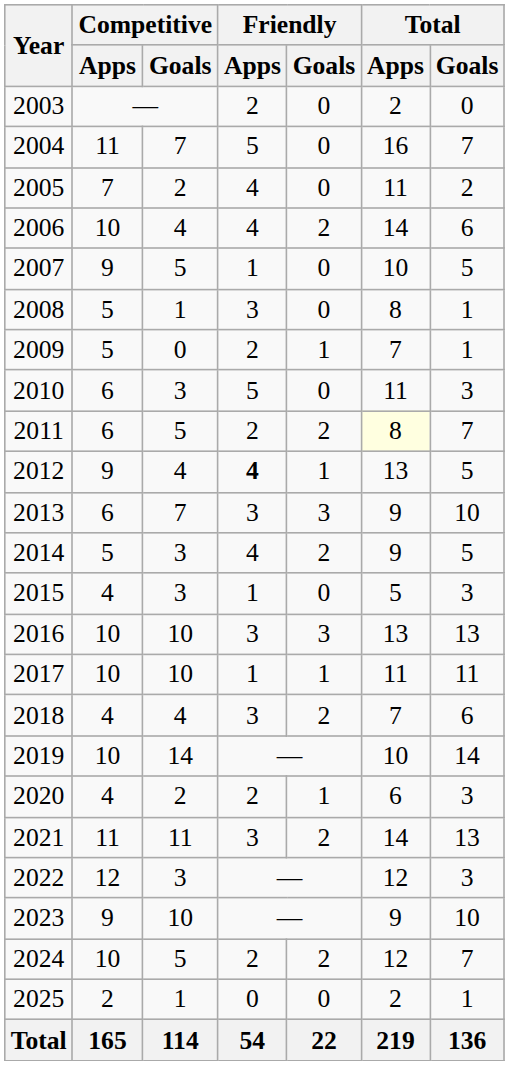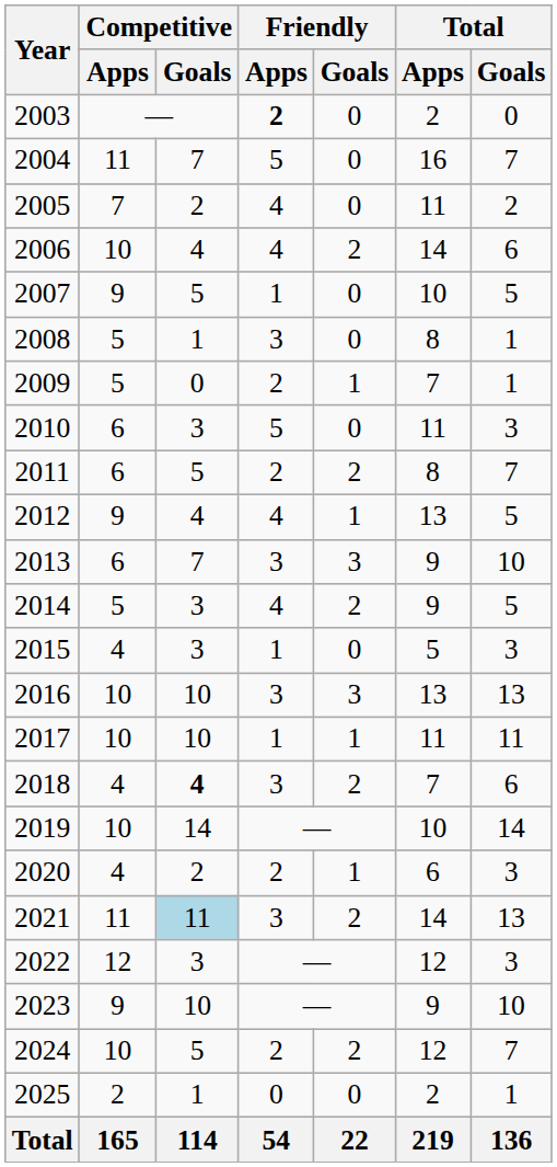 <table class="wikitable" style="text-align:center">
 <tr>
 <th rowspan="2">Year</th>
 <th colspan="2">Competitive</th>
 <th colspan="2">Friendly</th>
 <th colspan="2">Total</th>
 </tr>
 <tr>
 <th>Apps</th>
 <th>Goals</th>
 <th>Apps</th>
 <th>Goals</th>
 <th>Apps</th>
 <th>Goals</th>
 </tr>
 <tr>
 <td>2003</td>
 <td colspan="2">—</td>
-<td>2</td>
+<td><strong>2</strong></td>
 <td>0</td>
 <td>2</td>
 <td>0</td>
 </tr>
 <tr>
 <td>2004</td>
 <td>11</td>
 <td>7</td>
 <td>5</td>
 <td>0</td>
 <td>16</td>
 <td>7</td>
 </tr>
 <tr>
 <td>2005</td>
 <td>7</td>
 <td>2</td>
 <td>4</td>
 <td>0</td>
 <td>11</td>
 <td>2</td>
 </tr>
 <tr>
 <td>2006</td>
 <td>10</td>
 <td>4</td>
 <td>4</td>
 <td>2</td>
 <td>14</td>
 <td>6</td>
 </tr>
 <tr>
 <td>2007</td>
 <td>9</td>
 <td>5</td>
 <td>1</td>
 <td>0</td>
 <td>10</td>
 <td>5</td>
 </tr>
 <tr>
 <td>2008</td>
 <td>5</td>
 <td>1</td>
 <td>3</td>
 <td>0</td>
 <td>8</td>
 <td>1</td>
 </tr>
 <tr>
 <td>2009</td>
 <td>5</td>
 <td>0</td>
 <td>2</td>
 <td>1</td>
 <td>7</td>
 <td>1</td>
 </tr>
 <tr>
 <td>2010</td>
 <td>6</td>
 <td>3</td>
 <td>5</td>
 <td>0</td>
 <td>11</td>
 <td>3</td>
 </tr>
 <tr>
 <td>2011</td>
 <td>6</td>
 <td>5</td>
 <td>2</td>
 <td>2</td>
-<td style="background: lightyellow;">8</td>
+<td>8</td>
 <td>7</td>
 </tr>
 <tr>
 <td>2012</td>
 <td>9</td>
 <td>4</td>
-<td><strong>4</strong></td>
+<td>4</td>
 <td>1</td>
 <td>13</td>
 <td>5</td>
 </tr>
 <tr>
 <td>2013</td>
 <td>6</td>
 <td>7</td>
 <td>3</td>
 <td>3</td>
 <td>9</td>
 <td>10</td>
 </tr>
 <tr>
 <td>2014</td>
 <td>5</td>
 <td>3</td>
 <td>4</td>
 <td>2</td>
 <td>9</td>
 <td>5</td>
 </tr>
 <tr>
 <td>2015</td>
 <td>4</td>
 <td>3</td>
 <td>1</td>
 <td>0</td>
 <td>5</td>
 <td>3</td>
 </tr>
 <tr>
 <td>2016</td>
 <td>10</td>
 <td>10</td>
 <td>3</td>
 <td>3</td>
 <td>13</td>
 <td>13</td>
 </tr>
 <tr>
 <td>2017</td>
 <td>10</td>
 <td>10</td>
 <td>1</td>
 <td>1</td>
 <td>11</td>
 <td>11</td>
 </tr>
 <tr>
 <td>2018</td>
 <td>4</td>
-<td>4</td>
+<td><strong>4</strong></td>
 <td>3</td>
 <td>2</td>
 <td>7</td>
 <td>6</td>
 </tr>
 <tr>
 <td>2019</td>
 <td>10</td>
 <td>14</td>
 <td colspan="2">—</td>
 <td>10</td>
 <td>14</td>
 </tr>
 <tr>
 <td>2020</td>
 <td>4</td>
 <td>2</td>
 <td>2</td>
 <td>1</td>
 <td>6</td>
 <td>3</td>
 </tr>
 <tr>
 <td>2021</td>
 <td>11</td>
-<td>11</td>
+<td style="background: lightblue;">11</td>
 <td>3</td>
 <td>2</td>
 <td>14</td>
 <td>13</td>
 </tr>
 <tr>
 <td>2022</td>
 <td>12</td>
 <td>3</td>
 <td colspan="2">—</td>
 <td>12</td>
 <td>3</td>
 </tr>
 <tr>
 <td>2023</td>
 <td>9</td>
 <td>10</td>
 <td colspan="2">—</td>
 <td>9</td>
 <td>10</td>
 </tr>
 <tr>
 <td>2024</td>
 <td>10</td>
 <td>5</td>
 <td>2</td>
 <td>2</td>
 <td>12</td>
 <td>7</td>
 </tr>
 <tr>
 <td>2025</td>
 <td>2</td>
 <td>1</td>
 <td>0</td>
 <td>0</td>
 <td>2</td>
 <td>1</td>
 </tr>
 <tr>
 <th>Total</th>
 <th>165</th>
 <th>114</th>
 <th>54</th>
 <th>22</th>
 <th>219</th>
 <th>136</th>
 </tr>
 </table>
